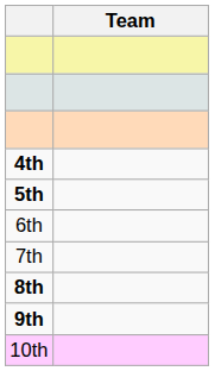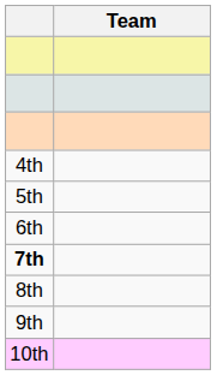 <table class="wikitable" style="text-align:center">
 <tr>
 <th width=15></th>
 <th width=120>Team</th>
 </tr>
 <tr bgcolor="#F7F6A8">
 <td align="center" style="height:23px"></td>
 <td align=left></td>
 </tr>
 <tr bgcolor="#DCE5E5">
 <td align="center" style="height:23px"></td>
 <td align=left></td>
 </tr>
 <tr bgcolor="#FFDAB9">
 <td align="center" style="height:23px"></td>
 <td align=left></td>
 </tr>
 <tr>
-<td><strong>4th</strong></td>
+<td>4th</td>
 <td align=left></td>
 </tr>
 <tr>
-<td><strong>5th</strong></td>
+<td>5th</td>
 <td align=left></td>
 </tr>
 <tr>
 <td>6th</td>
 <td align=left></td>
 </tr>
 <tr>
-<td>7th</td>
+<td><strong>7th</strong></td>
 <td align=left></td>
 </tr>
 <tr>
-<td><strong>8th</strong></td>
+<td>8th</td>
 <td align=left></td>
 </tr>
 <tr>
-<td><strong>9th</strong></td>
+<td>9th</td>
 <td align=left></td>
 </tr>
 <tr align=center bgcolor="#ffccff">
 <td>10th</td>
 <td align=left></td>
 </tr>
 </table>
